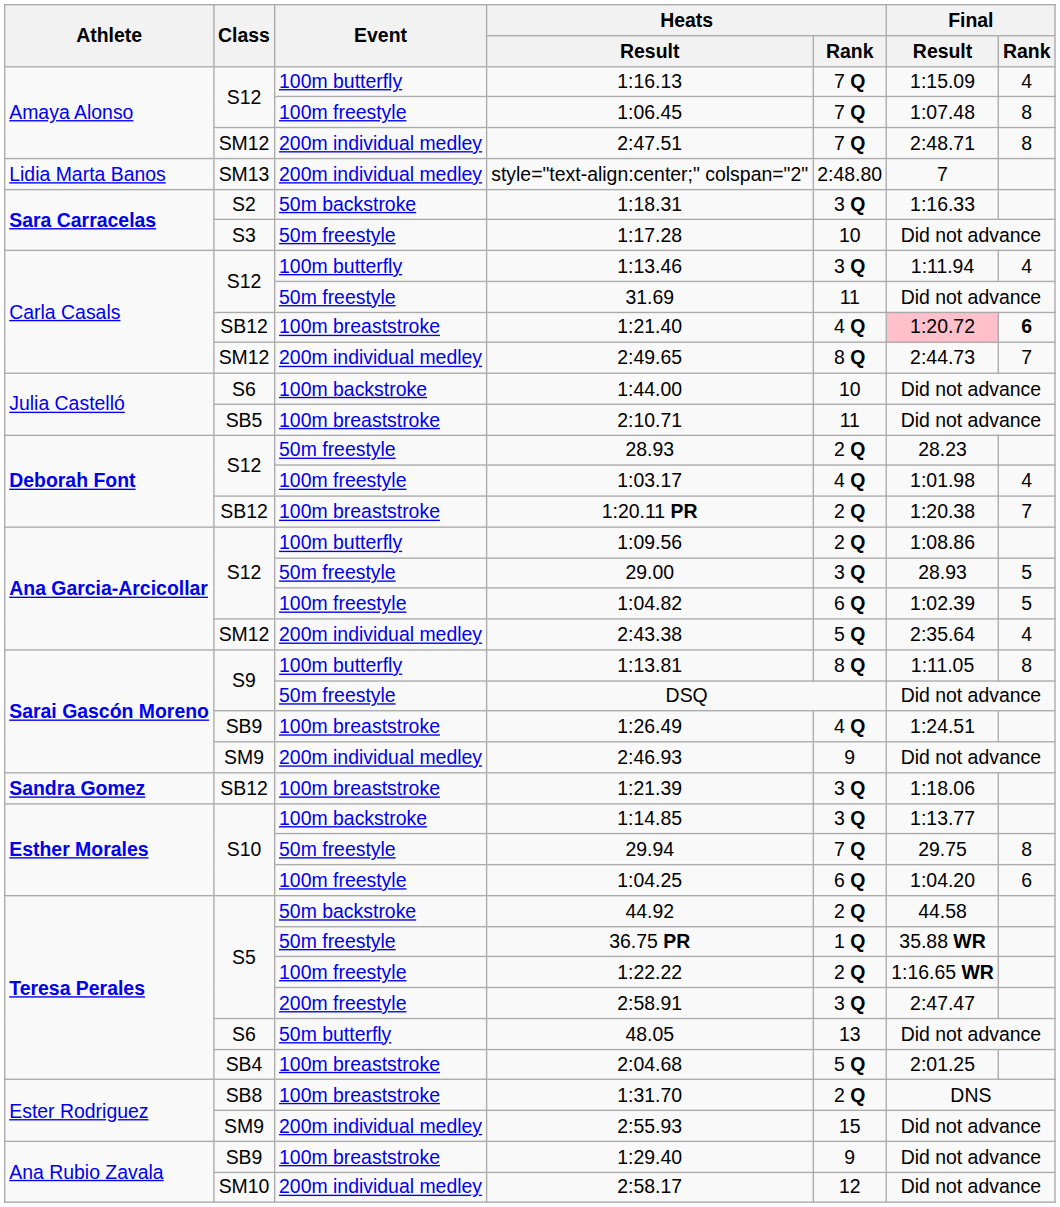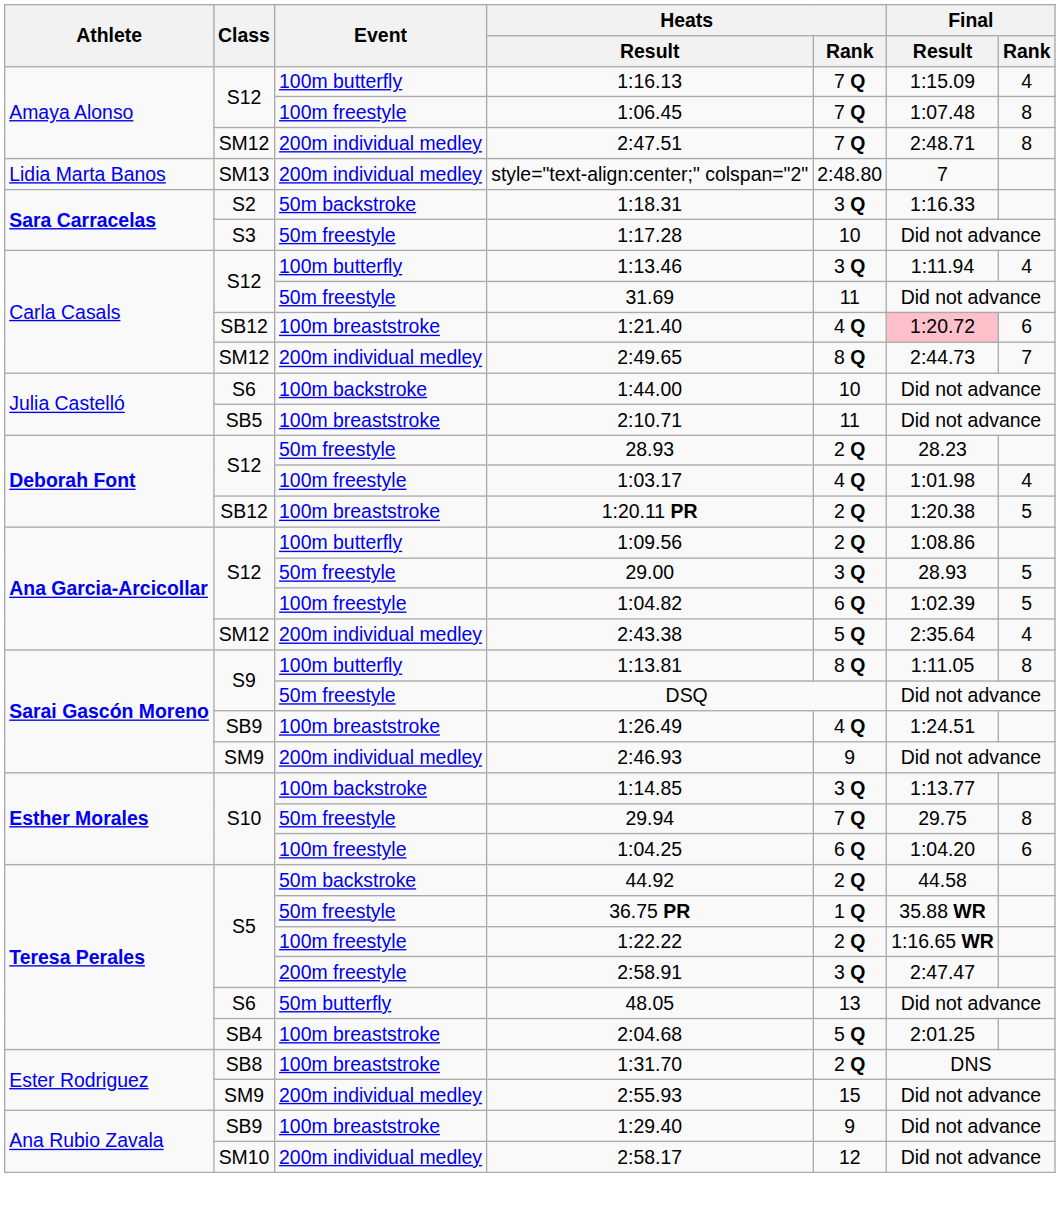 <table class=wikitable style="font-size:90%">
 <tr>
 <th rowspan="2">Athlete</th>
 <th rowspan="2">Class</th>
 <th rowspan="2">Event</th>
 <th colspan="2">Heats</th>
 <th colspan="2">Final</th>
 </tr>
 <tr>
 <th>Result</th>
 <th>Rank</th>
 <th>Result</th>
 <th>Rank</th>
 </tr>
 <tr>
 <td rowspan="3"><a href='#'>Amaya Alonso</a></td>
 <td rowspan="2" style="text-align:center;">S12</td>
 <td><a href='#'>100m butterfly</a></td>
 <td style="text-align:center;">1:16.13</td>
 <td style="text-align:center;">7 <strong>Q</strong></td>
 <td style="text-align:center;">1:15.09</td>
 <td style="text-align:center;">4</td>
 </tr>
 <tr>
 <td><a href='#'>100m freestyle</a></td>
 <td style="text-align:center;">1:06.45</td>
 <td style="text-align:center;">7 <strong>Q</strong></td>
 <td style="text-align:center;">1:07.48</td>
 <td style="text-align:center;">8</td>
 </tr>
 <tr>
 <td style="text-align:center;">SM12</td>
 <td><a href='#'>200m individual medley</a></td>
 <td style="text-align:center;">2:47.51</td>
 <td style="text-align:center;">7 <strong>Q</strong></td>
 <td style="text-align:center;">2:48.71</td>
 <td style="text-align:center;">8</td>
 </tr>
 <tr>
 <td><a href='#'>Lidia Marta Banos</a></td>
 <td style="text-align:center;">SM13</td>
 <td><a href='#'>200m individual medley</a></td>
 <td>style="text-align:center;" colspan="2" </td>
 <td style="text-align:center;">2:48.80</td>
 <td style="text-align:center;">7</td>
 </tr>
 <tr>
 <td rowspan="2"><strong><a href='#'>Sara Carracelas</a></strong></td>
 <td style="text-align:center;">S2</td>
 <td><a href='#'>50m backstroke</a></td>
 <td style="text-align:center;">1:18.31</td>
 <td style="text-align:center;">3 <strong>Q</strong></td>
 <td style="text-align:center;">1:16.33</td>
 <td style="text-align:center;"></td>
 </tr>
 <tr>
 <td style="text-align:center;">S3</td>
 <td><a href='#'>50m freestyle</a></td>
 <td style="text-align:center;">1:17.28</td>
 <td style="text-align:center;">10</td>
 <td style="text-align:center;" colspan="2">Did not advance</td>
 </tr>
 <tr>
 <td rowspan="4"><a href='#'>Carla Casals</a></td>
 <td rowspan="2" style="text-align:center;">S12</td>
 <td><a href='#'>100m butterfly</a></td>
 <td style="text-align:center;">1:13.46</td>
 <td style="text-align:center;">3 <strong>Q</strong></td>
 <td style="text-align:center;">1:11.94</td>
 <td style="text-align:center;">4</td>
 </tr>
 <tr>
 <td><a href='#'>50m freestyle</a></td>
 <td style="text-align:center;">31.69</td>
 <td style="text-align:center;">11</td>
 <td style="text-align:center;" colspan="2">Did not advance</td>
 </tr>
 <tr>
 <td style="text-align:center;">SB12</td>
 <td><a href='#'>100m breaststroke</a></td>
 <td style="text-align:center;">1:21.40</td>
 <td style="text-align:center;">4 <strong>Q</strong></td>
 <td style="background: pink; text-align:center;">1:20.72</td>
-<td style="text-align:center;"><strong>6</strong></td>
+<td style="text-align:center;">6</td>
 </tr>
 <tr>
 <td style="text-align:center;">SM12</td>
 <td><a href='#'>200m individual medley</a></td>
 <td style="text-align:center;">2:49.65</td>
 <td style="text-align:center;">8 <strong>Q</strong></td>
 <td style="text-align:center;">2:44.73</td>
 <td style="text-align:center;">7</td>
 </tr>
 <tr>
 <td rowspan="2"><a href='#'>Julia Castelló</a></td>
 <td style="text-align:center;">S6</td>
 <td><a href='#'>100m backstroke</a></td>
 <td style="text-align:center;">1:44.00</td>
 <td style="text-align:center;">10</td>
 <td style="text-align:center;" colspan="2">Did not advance</td>
 </tr>
 <tr>
 <td style="text-align:center;">SB5</td>
 <td><a href='#'>100m breaststroke</a></td>
 <td style="text-align:center;">2:10.71</td>
 <td style="text-align:center;">11</td>
 <td style="text-align:center;" colspan="2">Did not advance</td>
 </tr>
 <tr>
 <td rowspan="3"><strong><a href='#'>Deborah Font</a></strong></td>
 <td rowspan="2" style="text-align:center;">S12</td>
 <td><a href='#'>50m freestyle</a></td>
 <td style="text-align:center;">28.93</td>
 <td style="text-align:center;">2 <strong>Q</strong></td>
 <td style="text-align:center;">28.23</td>
 <td style="text-align:center;"></td>
 </tr>
 <tr>
 <td><a href='#'>100m freestyle</a></td>
 <td style="text-align:center;">1:03.17</td>
 <td style="text-align:center;">4 <strong>Q</strong></td>
 <td style="text-align:center;">1:01.98</td>
 <td style="text-align:center;">4</td>
 </tr>
 <tr>
 <td style="text-align:center;">SB12</td>
 <td><a href='#'>100m breaststroke</a></td>
 <td style="text-align:center;">1:20.11 <strong>PR</strong></td>
 <td style="text-align:center;">2 <strong>Q</strong></td>
 <td style="text-align:center;">1:20.38</td>
-<td style="text-align:center;">7</td>
+<td style="text-align:center;">5</td>
 </tr>
 <tr>
 <td rowspan="4"><strong><a href='#'>Ana Garcia-Arcicollar</a></strong></td>
 <td rowspan="3" style="text-align:center;">S12</td>
 <td><a href='#'>100m butterfly</a></td>
 <td style="text-align:center;">1:09.56</td>
 <td style="text-align:center;">2 <strong>Q</strong></td>
 <td style="text-align:center;">1:08.86</td>
 <td style="text-align:center;"></td>
 </tr>
 <tr>
 <td><a href='#'>50m freestyle</a></td>
 <td style="text-align:center;">29.00</td>
 <td style="text-align:center;">3 <strong>Q</strong></td>
 <td style="text-align:center;">28.93</td>
 <td style="text-align:center;">5</td>
 </tr>
 <tr>
 <td><a href='#'>100m freestyle</a></td>
 <td style="text-align:center;">1:04.82</td>
 <td style="text-align:center;">6 <strong>Q</strong></td>
 <td style="text-align:center;">1:02.39</td>
 <td style="text-align:center;">5</td>
 </tr>
 <tr>
 <td style="text-align:center;">SM12</td>
 <td><a href='#'>200m individual medley</a></td>
 <td style="text-align:center;">2:43.38</td>
 <td style="text-align:center;">5 <strong>Q</strong></td>
 <td style="text-align:center;">2:35.64</td>
 <td style="text-align:center;">4</td>
 </tr>
 <tr>
 <td rowspan="4"><strong><a href='#'>Sarai Gascón Moreno</a></strong></td>
 <td rowspan="2" style="text-align:center;">S9</td>
 <td><a href='#'>100m butterfly</a></td>
 <td style="text-align:center;">1:13.81</td>
 <td style="text-align:center;">8 <strong>Q</strong></td>
 <td style="text-align:center;">1:11.05</td>
 <td style="text-align:center;">8</td>
 </tr>
 <tr>
 <td><a href='#'>50m freestyle</a></td>
 <td style="text-align:center;" colspan="2">DSQ</td>
 <td style="text-align:center;" colspan="2">Did not advance</td>
 </tr>
 <tr>
 <td style="text-align:center;">SB9</td>
 <td><a href='#'>100m breaststroke</a></td>
 <td style="text-align:center;">1:26.49</td>
 <td style="text-align:center;">4 <strong>Q</strong></td>
 <td style="text-align:center;">1:24.51</td>
 <td style="text-align:center;"></td>
 </tr>
 <tr>
 <td style="text-align:center;">SM9</td>
 <td><a href='#'>200m individual medley</a></td>
 <td style="text-align:center;">2:46.93</td>
 <td style="text-align:center;">9</td>
 <td style="text-align:center;" colspan="2">Did not advance</td>
-</tr>
-<tr>
-<td><strong><a href='#'>Sandra Gomez</a></strong></td>
-<td style="text-align:center;">SB12</td>
-<td><a href='#'>100m breaststroke</a></td>
-<td style="text-align:center;">1:21.39</td>
-<td style="text-align:center;">3 <strong>Q</strong></td>
-<td style="text-align:center;">1:18.06</td>
-<td style="text-align:center;"></td>
 </tr>
 <tr>
 <td rowspan="3"><strong><a href='#'>Esther Morales</a></strong></td>
 <td rowspan="3" style="text-align:center;">S10</td>
 <td><a href='#'>100m backstroke</a></td>
 <td style="text-align:center;">1:14.85</td>
 <td style="text-align:center;">3 <strong>Q</strong></td>
 <td style="text-align:center;">1:13.77</td>
 <td style="text-align:center;"></td>
 </tr>
 <tr>
 <td><a href='#'>50m freestyle</a></td>
 <td style="text-align:center;">29.94</td>
 <td style="text-align:center;">7 <strong>Q</strong></td>
 <td style="text-align:center;">29.75</td>
 <td style="text-align:center;">8</td>
 </tr>
 <tr>
 <td><a href='#'>100m freestyle</a></td>
 <td style="text-align:center;">1:04.25</td>
 <td style="text-align:center;">6 <strong>Q</strong></td>
 <td style="text-align:center;">1:04.20</td>
 <td style="text-align:center;">6</td>
 </tr>
 <tr>
 <td rowspan="6"><strong><a href='#'>Teresa Perales</a></strong></td>
 <td rowspan="4" style="text-align:center;">S5</td>
 <td><a href='#'>50m backstroke</a></td>
 <td style="text-align:center;">44.92</td>
 <td style="text-align:center;">2 <strong>Q</strong></td>
 <td style="text-align:center;">44.58</td>
 <td style="text-align:center;"></td>
 </tr>
 <tr>
 <td><a href='#'>50m freestyle</a></td>
 <td style="text-align:center;">36.75 <strong>PR</strong></td>
 <td style="text-align:center;">1 <strong>Q</strong></td>
 <td style="text-align:center;">35.88 <strong>WR</strong></td>
 <td style="text-align:center;"></td>
 </tr>
 <tr>
 <td><a href='#'>100m freestyle</a></td>
 <td style="text-align:center;">1:22.22</td>
 <td style="text-align:center;">2 <strong>Q</strong></td>
 <td style="text-align:center;">1:16.65 <strong>WR</strong></td>
 <td style="text-align:center;"></td>
 </tr>
 <tr>
 <td><a href='#'>200m freestyle</a></td>
 <td style="text-align:center;">2:58.91</td>
 <td style="text-align:center;">3 <strong>Q</strong></td>
 <td style="text-align:center;">2:47.47</td>
 <td style="text-align:center;"></td>
 </tr>
 <tr>
 <td style="text-align:center;">S6</td>
 <td><a href='#'>50m butterfly</a></td>
 <td style="text-align:center;">48.05</td>
 <td style="text-align:center;">13</td>
 <td style="text-align:center;" colspan="2">Did not advance</td>
 </tr>
 <tr>
 <td style="text-align:center;">SB4</td>
 <td><a href='#'>100m breaststroke</a></td>
 <td style="text-align:center;">2:04.68</td>
 <td style="text-align:center;">5 <strong>Q</strong></td>
 <td style="text-align:center;">2:01.25</td>
 <td style="text-align:center;"></td>
 </tr>
 <tr>
 <td rowspan="2"><a href='#'>Ester Rodriguez</a></td>
 <td style="text-align:center;">SB8</td>
 <td><a href='#'>100m breaststroke</a></td>
 <td style="text-align:center;">1:31.70</td>
 <td style="text-align:center;">2 <strong>Q</strong></td>
 <td style="text-align:center;" colspan="2">DNS</td>
 </tr>
 <tr>
 <td style="text-align:center;">SM9</td>
 <td><a href='#'>200m individual medley</a></td>
 <td style="text-align:center;">2:55.93</td>
 <td style="text-align:center;">15</td>
 <td style="text-align:center;" colspan="2">Did not advance</td>
 </tr>
 <tr>
 <td rowspan="2"><a href='#'>Ana Rubio Zavala</a></td>
 <td style="text-align:center;">SB9</td>
 <td><a href='#'>100m breaststroke</a></td>
 <td style="text-align:center;">1:29.40</td>
 <td style="text-align:center;">9</td>
 <td style="text-align:center;" colspan="2">Did not advance</td>
 </tr>
 <tr>
 <td style="text-align:center;">SM10</td>
 <td><a href='#'>200m individual medley</a></td>
 <td style="text-align:center;">2:58.17</td>
 <td style="text-align:center;">12</td>
 <td style="text-align:center;" colspan="2">Did not advance</td>
 </tr>
 </table>
